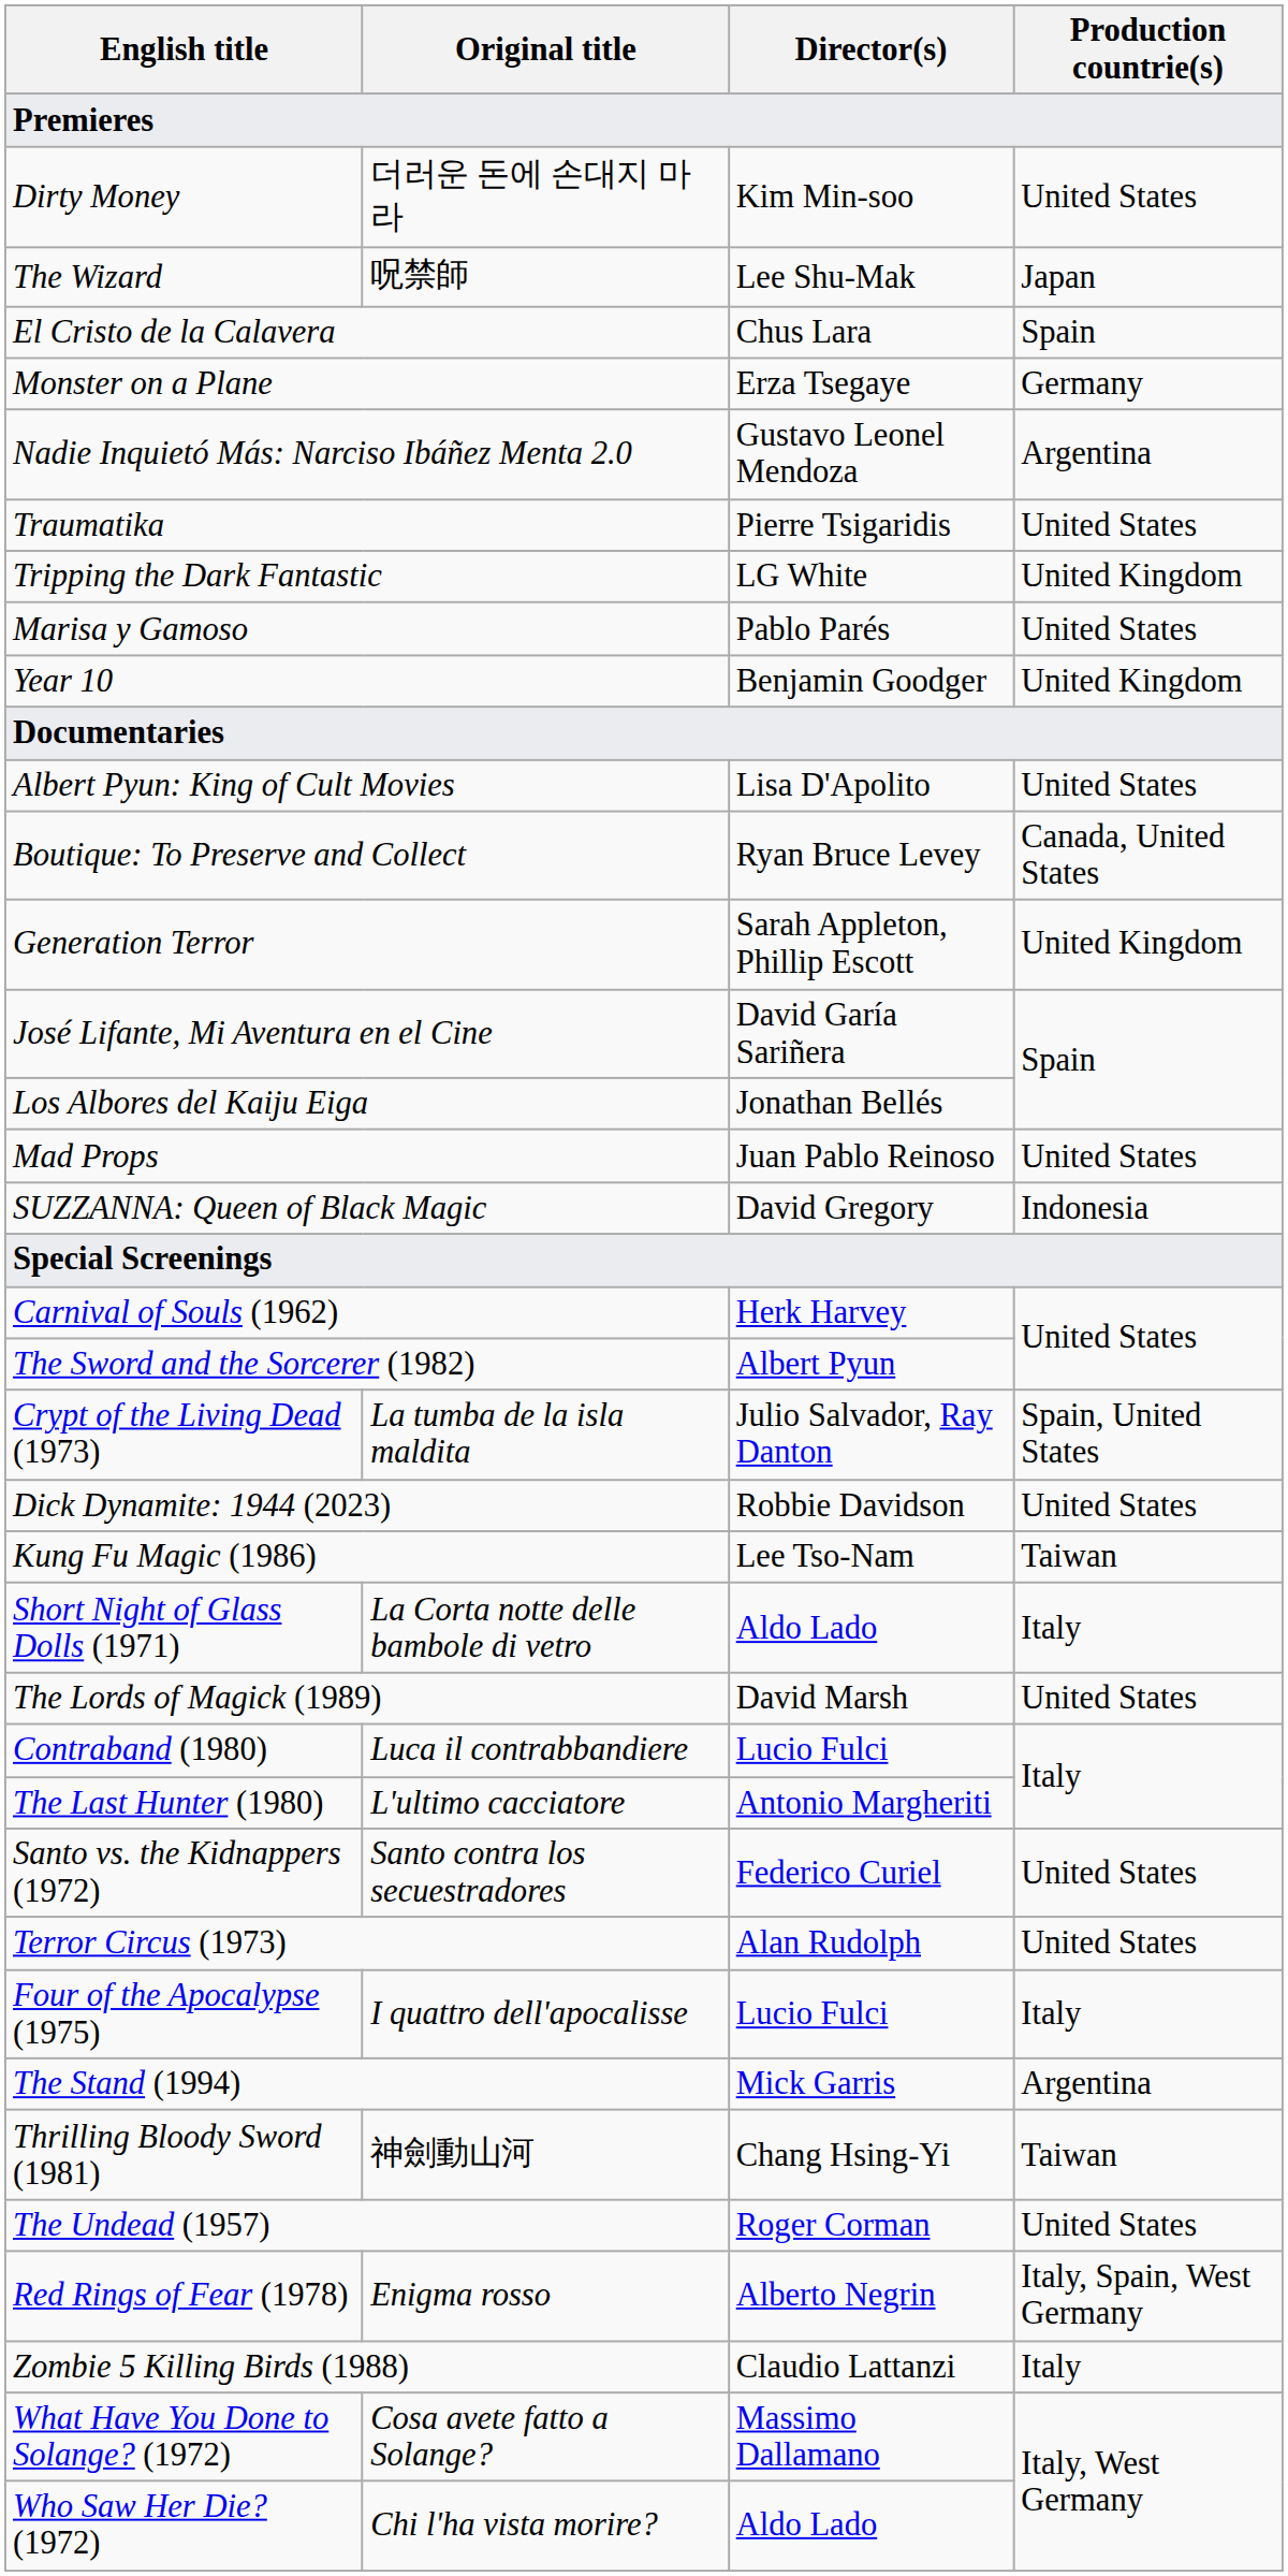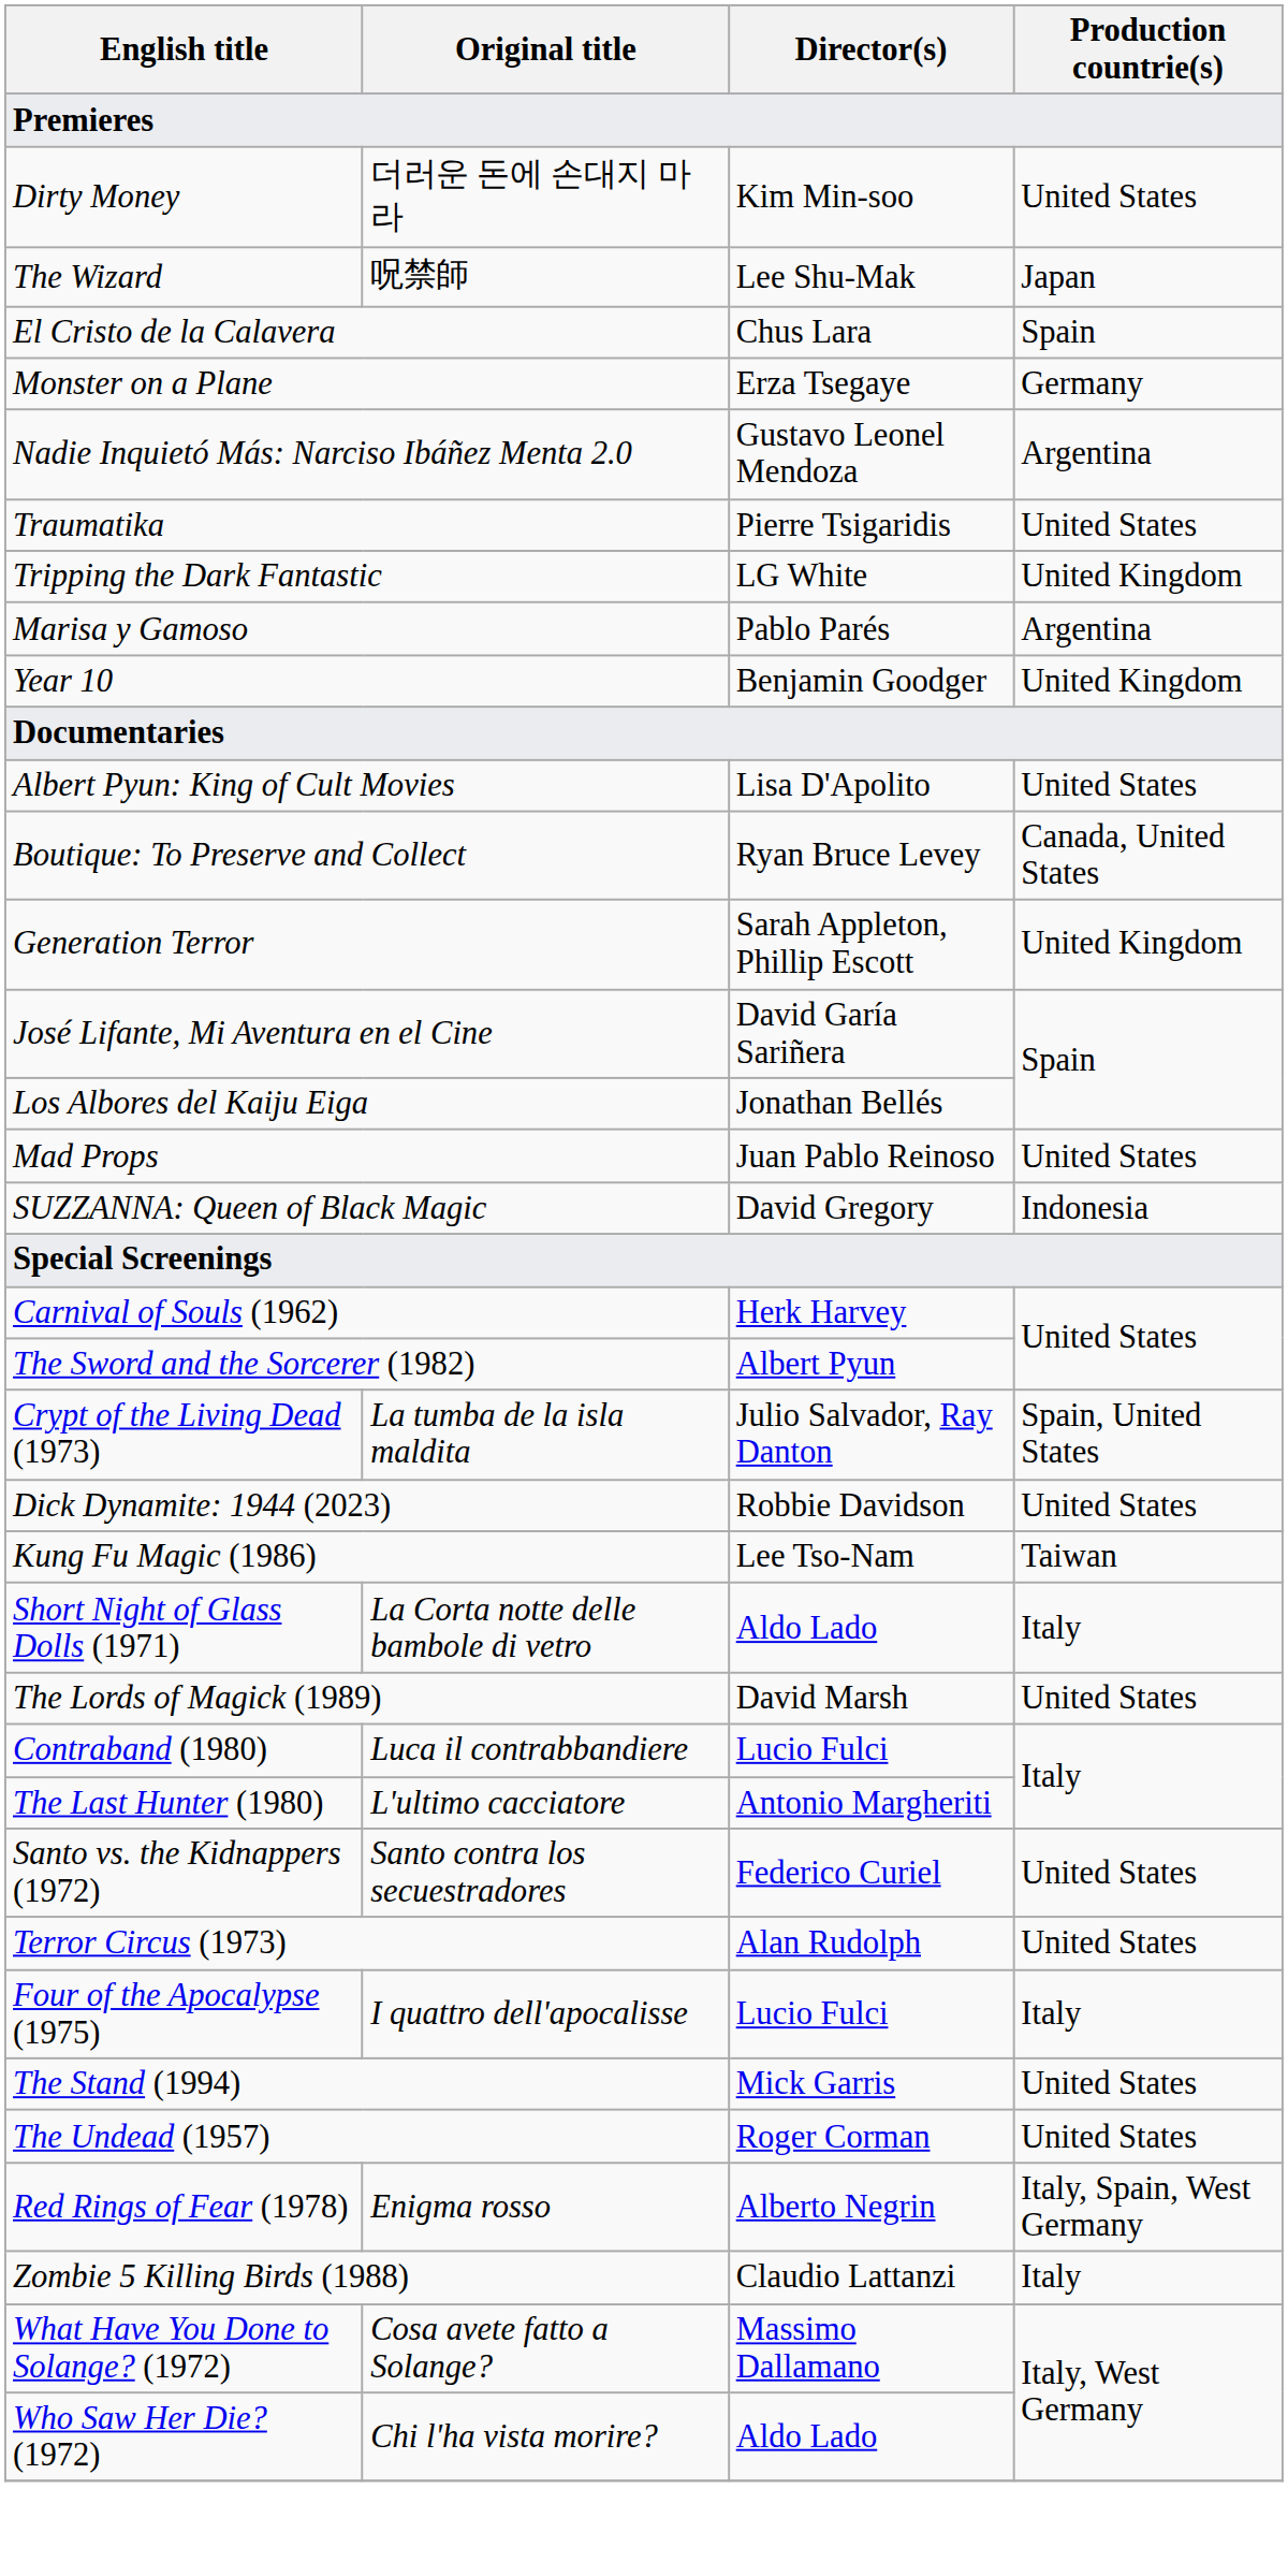 <table class="sortable wikitable" style="width:100%; margin-bottom:4px" cellpadding="5">
 <tr>
 <th scope="col">English title</th>
 <th scope="col">Original title</th>
 <th scope="col">Director(s)</th>
 <th scope="col">Production countrie(s)</th>
 </tr>
 <tr>
 <td colspan=4 class="center" style="padding-center:120px; background-color:#EAECF0"><strong>Premieres</strong></td>
 </tr>
 <tr>
 <td><em>Dirty Money</em></td>
 <td>더러운 돈에 손대지 마라</td>
 <td>Kim Min-soo</td>
 <td>United States</td>
 </tr>
 <tr>
 <td><em>The Wizard</em></td>
 <td>呪禁師</td>
 <td>Lee Shu-Mak</td>
 <td>Japan</td>
 </tr>
 <tr>
 <td colspan="2"><em>El Cristo de la Calavera</em></td>
 <td>Chus Lara</td>
 <td>Spain</td>
 </tr>
 <tr>
 <td colspan="2"><em>Monster on a Plane</em></td>
 <td>Erza Tsegaye</td>
 <td>Germany</td>
 </tr>
 <tr>
 <td colspan="2"><em>Nadie Inquietó Más: Narciso Ibáñez Menta 2.0</em></td>
 <td>Gustavo Leonel Mendoza</td>
 <td>Argentina</td>
 </tr>
 <tr>
 <td colspan="2"><em>Traumatika</em></td>
 <td>Pierre Tsigaridis</td>
 <td>United States</td>
 </tr>
 <tr>
 <td colspan="2"><em>Tripping the Dark Fantastic</em></td>
 <td>LG White</td>
 <td>United Kingdom</td>
 </tr>
 <tr>
 <td colspan="2"><em>Marisa y Gamoso</em></td>
 <td>Pablo Parés</td>
-<td>United States</td>
+<td>Argentina</td>
 </tr>
 <tr>
 <td colspan="2"><em>Year 10</em></td>
 <td>Benjamin Goodger</td>
 <td>United Kingdom</td>
 </tr>
 <tr>
 <td colspan=4 class="center" style="padding-center:120px; background-color:#EAECF0"><strong>Documentaries</strong></td>
 </tr>
 <tr>
 <td colspan="2"><em>Albert Pyun: King of Cult Movies</em></td>
 <td>Lisa D'Apolito</td>
 <td>United States</td>
 </tr>
 <tr>
 <td colspan="2"><em>Boutique: To Preserve and Collect</em></td>
 <td>Ryan Bruce Levey</td>
 <td>Canada, United States</td>
 </tr>
 <tr>
 <td colspan="2"><em>Generation Terror</em></td>
 <td>Sarah Appleton, Phillip Escott</td>
 <td>United Kingdom</td>
 </tr>
 <tr>
 <td colspan="2"><em>José Lifante, Mi Aventura en el Cine</em></td>
 <td>David Garía Sariñera</td>
 <td rowspan="2">Spain</td>
 </tr>
 <tr>
 <td colspan="2"><em>Los Albores del Kaiju Eiga</em></td>
 <td>Jonathan Bellés</td>
 </tr>
 <tr>
 <td colspan="2"><em>Mad Props</em></td>
 <td>Juan Pablo Reinoso</td>
 <td>United States</td>
 </tr>
 <tr>
 <td colspan="2"><em>SUZZANNA: Queen of Black Magic</em></td>
 <td>David Gregory</td>
 <td>Indonesia</td>
 </tr>
 <tr>
 <td colspan=4 class="center" style="padding-center:120px; background-color:#EAECF0"><strong>Special Screenings</strong></td>
 </tr>
 <tr>
 <td colspan="2"><em><a href='#'>Carnival of Souls</a></em> (1962)</td>
 <td><a href='#'>Herk Harvey</a></td>
 <td rowspan="2">United States</td>
 </tr>
 <tr>
 <td colspan="2"><em><a href='#'>The Sword and the Sorcerer</a></em> (1982)</td>
 <td><a href='#'>Albert Pyun</a></td>
 </tr>
 <tr>
 <td><em><a href='#'>Crypt of the Living Dead</a></em> (1973)</td>
 <td><em>La tumba de la isla maldita</em></td>
 <td>Julio Salvador, <a href='#'>Ray Danton</a></td>
 <td>Spain, United States</td>
 </tr>
 <tr>
 <td colspan="2"><em>Dick Dynamite: 1944</em> (2023)</td>
 <td>Robbie Davidson</td>
 <td>United States</td>
 </tr>
 <tr>
 <td colspan="2"><em>Kung Fu Magic</em> (1986)</td>
 <td>Lee Tso-Nam</td>
 <td>Taiwan</td>
 </tr>
 <tr>
 <td><em><a href='#'>Short Night of Glass Dolls</a></em> (1971)</td>
 <td><em>La Corta notte delle bambole di vetro</em></td>
 <td><a href='#'>Aldo Lado</a></td>
 <td>Italy</td>
 </tr>
 <tr>
 <td colspan="2"><em>The Lords of Magick</em> (1989)</td>
 <td>David Marsh</td>
 <td>United States</td>
 </tr>
 <tr>
 <td><em><a href='#'>Contraband</a></em> (1980)</td>
 <td><em>Luca il contrabbandiere</em></td>
 <td><a href='#'>Lucio Fulci</a></td>
 <td rowspan="2">Italy</td>
 </tr>
 <tr>
 <td><em><a href='#'>The Last Hunter</a></em> (1980)</td>
 <td><em>L'ultimo cacciatore</em></td>
 <td><a href='#'>Antonio Margheriti</a></td>
 </tr>
 <tr>
 <td><em>Santo vs. the Kidnappers</em> (1972)</td>
 <td><em>Santo contra los secuestradores</em></td>
 <td><a href='#'>Federico Curiel</a></td>
 <td>United States</td>
 </tr>
 <tr>
 <td colspan="2"><em><a href='#'>Terror Circus</a></em> (1973)</td>
 <td><a href='#'>Alan Rudolph</a></td>
 <td>United States</td>
 </tr>
 <tr>
 <td><em><a href='#'>Four of the Apocalypse</a></em> (1975)</td>
 <td><em>I quattro dell'apocalisse</em></td>
 <td><a href='#'>Lucio Fulci</a></td>
 <td>Italy</td>
 </tr>
 <tr>
 <td colspan="2"><em><a href='#'>The Stand</a></em> (1994)</td>
 <td><a href='#'>Mick Garris</a></td>
-<td>Argentina</td>
-</tr>
-<tr>
-<td><em>Thrilling Bloody Sword</em> (1981)</td>
-<td>神劍動山河</td>
-<td>Chang Hsing-Yi</td>
-<td>Taiwan</td>
+<td>United States</td>
 </tr>
 <tr>
 <td colspan="2"><em><a href='#'>The Undead</a></em> (1957)</td>
 <td><a href='#'>Roger Corman</a></td>
 <td>United States</td>
 </tr>
 <tr>
 <td><em><a href='#'>Red Rings of Fear</a></em> (1978)</td>
 <td><em>Enigma rosso</em></td>
 <td><a href='#'>Alberto Negrin</a></td>
 <td>Italy, Spain, West Germany</td>
 </tr>
 <tr>
 <td colspan="2"><em>Zombie 5 Killing Birds</em> (1988)</td>
 <td>Claudio Lattanzi</td>
 <td>Italy</td>
 </tr>
 <tr>
 <td><em><a href='#'>What Have You Done to Solange?</a></em> (1972)</td>
 <td><em>Cosa avete fatto a Solange?</em></td>
 <td><a href='#'>Massimo Dallamano</a></td>
 <td rowspan="2">Italy, West Germany</td>
 </tr>
 <tr>
 <td><em><a href='#'>Who Saw Her Die?</a></em> (1972)</td>
 <td><em>Chi l'ha vista morire?</em></td>
 <td><a href='#'>Aldo Lado</a></td>
 </tr>
 <tr>
 </tr>
 </table>
